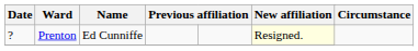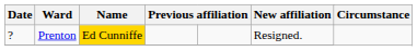 <table class="wikitable" style="font-size: 95%;">
 <tr>
 <th>Date</th>
 <th>Ward</th>
 <th>Name</th>
 <th colspan="2">Previous affiliation</th>
 <th colspan="2">New affiliation</th>
 <th>Circumstance</th>
 </tr>
 <tr>
 <td>?</td>
 <td><a href='#'>Prenton</a></td>
-<td>Ed Cunniffe</td>
+<td style="background: gold;">Ed Cunniffe</td>
 <td></td>
 <td></td>
-<td style="background: lightyellow;">Resigned.</td>
+<td>Resigned.</td>
 </tr>
 <tr>
 </tr>
 </table>
